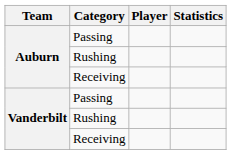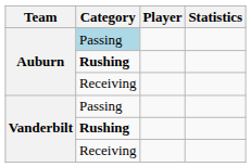 <table class="wikitable" style="float:right">
 <tr>
 <th>Team</th>
 <th>Category</th>
 <th>Player</th>
 <th>Statistics</th>
 </tr>
 <tr>
 <th rowspan=3>Auburn</th>
-<td>Passing</td>
+<td style="background: lightblue;">Passing</td>
 <td></td>
 <td></td>
 </tr>
 <tr>
-<td>Rushing</td>
+<td><strong>Rushing</strong></td>
 <td></td>
 <td></td>
 </tr>
 <tr>
 <td>Receiving</td>
 <td></td>
 <td></td>
 </tr>
 <tr>
 <th rowspan=3>Vanderbilt</th>
 <td>Passing</td>
 <td></td>
 <td></td>
 </tr>
 <tr>
-<td>Rushing</td>
+<td><strong>Rushing</strong></td>
 <td></td>
 <td></td>
 </tr>
 <tr>
 <td>Receiving</td>
 <td></td>
 <td></td>
 </tr>
 </table>
